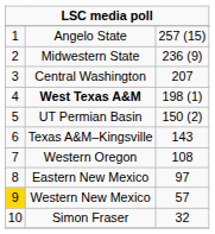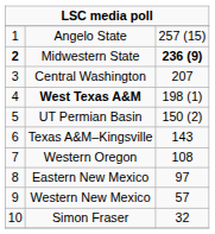 <table class="wikitable" style="display: inline-table;">
 <tr>
 <td align="center" Colspan="3"><strong>LSC media poll</strong></td>
 </tr>
 <tr align="center">
 </tr>
 <tr align="center">
 <td>1</td>
 <td>Angelo State</td>
 <td>257 (15)</td>
 </tr>
 <tr align="center">
-<td>2</td>
+<td><strong>2</strong></td>
 <td>Midwestern State</td>
-<td>236 (9)</td>
+<td><strong>236 (9)</strong></td>
 </tr>
 <tr align="center">
 <td>3</td>
 <td>Central Washington</td>
 <td>207</td>
 </tr>
 <tr align="center">
 <td>4</td>
 <td><strong>West Texas A&M</strong></td>
 <td>198 (1)</td>
 </tr>
 <tr align="center">
 <td>5</td>
 <td>UT Permian Basin</td>
 <td>150 (2)</td>
 </tr>
 <tr align="center">
 <td>6</td>
 <td>Texas A&M–Kingsville</td>
 <td>143</td>
 </tr>
 <tr align="center">
 <td>7</td>
 <td>Western Oregon</td>
 <td>108</td>
 </tr>
 <tr align="center">
 <td>8</td>
 <td>Eastern New Mexico</td>
 <td>97</td>
 </tr>
 <tr align="center">
-<td style="background: gold;">9</td>
+<td>9</td>
 <td>Western New Mexico</td>
 <td>57</td>
 </tr>
 <tr align="center">
 <td>10</td>
 <td>Simon Fraser</td>
 <td>32</td>
 </tr>
 <tr>
 </tr>
 </table>
